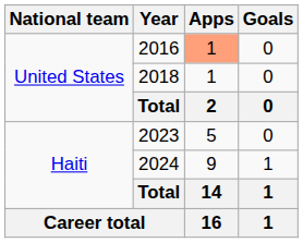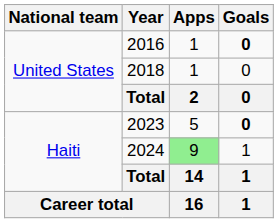 <table class="wikitable" style="text-align:center">
 <tr>
 <th>National team</th>
 <th>Year</th>
 <th>Apps</th>
 <th>Goals</th>
 </tr>
 <tr>
 <td rowspan=3><a href='#'>United States</a></td>
 <td>2016</td>
-<td style="background: lightsalmon;">1</td>
-<td>0</td>
+<td>1</td>
+<td><strong>0</strong></td>
 </tr>
 <tr>
 <td>2018</td>
 <td>1</td>
 <td>0</td>
 </tr>
 <tr>
 <th>Total</th>
 <th>2</th>
 <th>0</th>
 </tr>
 <tr>
 <td rowspan=3><a href='#'>Haiti</a></td>
 <td>2023</td>
 <td>5</td>
-<td>0</td>
+<td><strong>0</strong></td>
 </tr>
 <tr>
 <td>2024</td>
-<td>9</td>
+<td style="background: lightgreen;">9</td>
 <td>1</td>
 </tr>
 <tr>
 <th>Total</th>
 <th>14</th>
 <th>1</th>
 </tr>
 <tr>
 <th colspan=2>Career total</th>
 <th>16</th>
 <th>1</th>
 </tr>
 </table>
